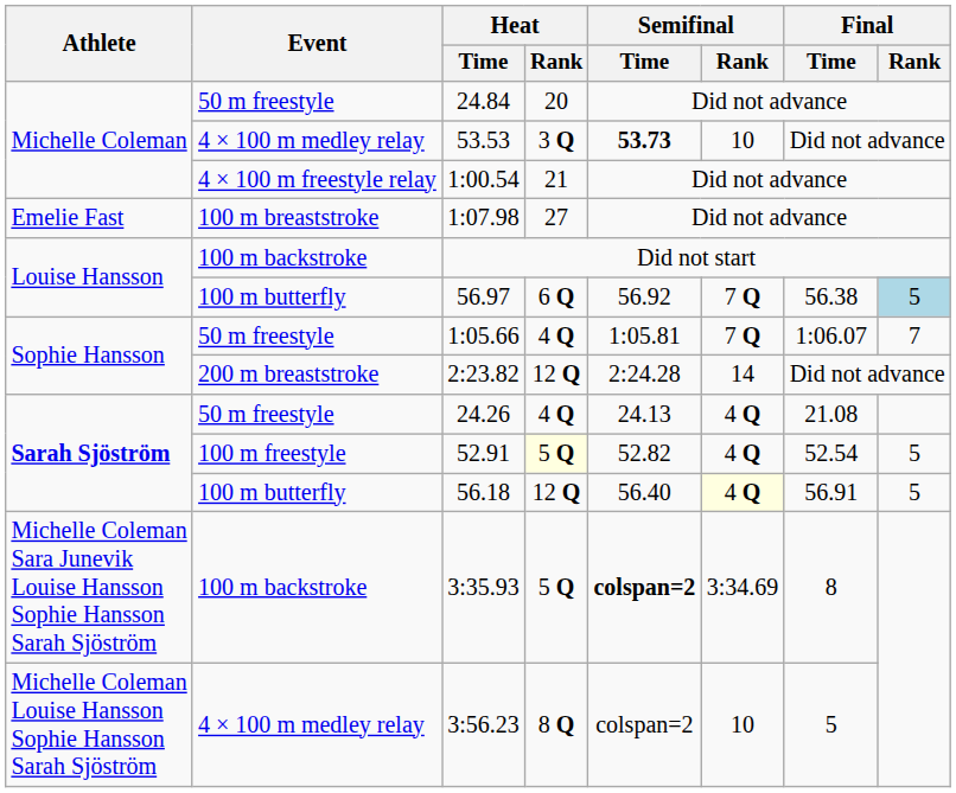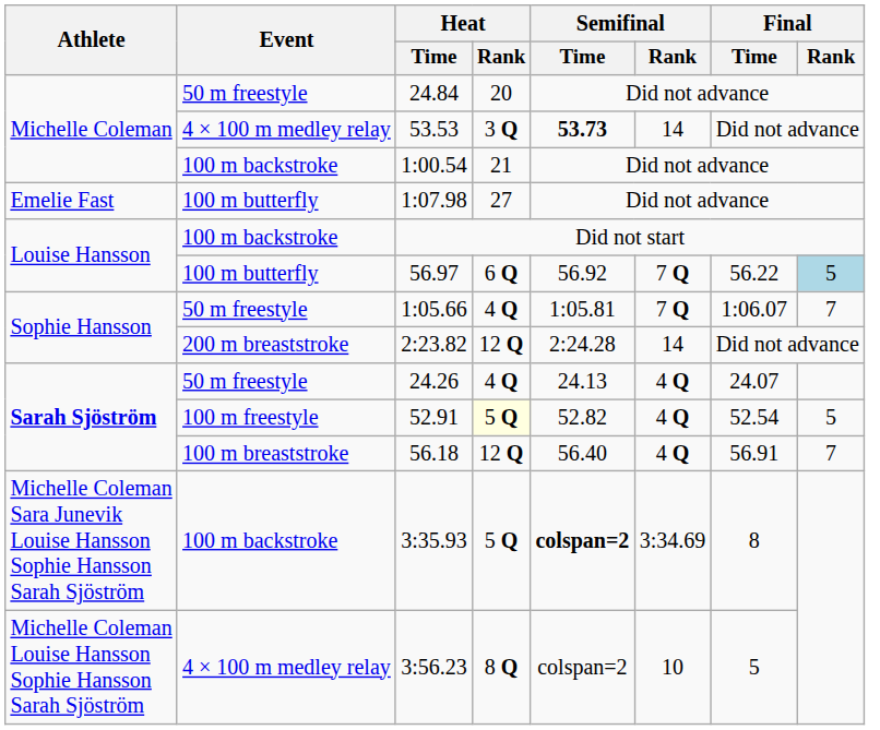 <table class=wikitable style="font-size:90%">
 <tr>
 <th rowspan="2">Athlete</th>
 <th rowspan="2">Event</th>
 <th colspan="2">Heat</th>
 <th colspan="2">Semifinal</th>
 <th colspan="2">Final</th>
 </tr>
 <tr style="font-size:95%">
 <th>Time</th>
 <th>Rank</th>
 <th>Time</th>
 <th>Rank</th>
 <th>Time</th>
 <th>Rank</th>
 </tr>
 <tr align=center>
 <td align=left rowspan=3><a href='#'>Michelle Coleman</a></td>
 <td align=left><a href='#'>50 m freestyle</a></td>
 <td>24.84</td>
 <td>20</td>
 <td colspan="4">Did not advance</td>
 </tr>
 <tr align=center>
 <td align=left><a href='#'>4 × 100 m medley relay</a></td>
 <td>53.53</td>
 <td>3 <strong>Q</strong></td>
 <td><strong>53.73</strong></td>
-<td>10</td>
+<td>14</td>
 <td colspan="2">Did not advance</td>
 </tr>
 <tr align=center>
-<td align=left><a href='#'>4 × 100 m freestyle relay</a></td>
+<td align=left><a href='#'>100 m backstroke</a></td>
 <td>1:00.54</td>
 <td>21</td>
 <td colspan="4">Did not advance</td>
 </tr>
 <tr align=center>
 <td align=left><a href='#'>Emelie Fast</a></td>
-<td align=left><a href='#'>100 m breaststroke</a></td>
+<td align=left><a href='#'>100 m butterfly</a></td>
 <td>1:07.98</td>
 <td>27</td>
 <td colspan="4">Did not advance</td>
 </tr>
 <tr align=center>
 <td align=left rowspan=2><a href='#'>Louise Hansson</a></td>
 <td align=left><a href='#'>100 m backstroke</a></td>
 <td colspan="6">Did not start</td>
 </tr>
 <tr align=center>
 <td align=left><a href='#'>100 m butterfly</a></td>
 <td>56.97</td>
 <td>6 <strong>Q</strong></td>
 <td>56.92</td>
 <td>7 <strong>Q</strong></td>
-<td>56.38</td>
+<td>56.22</td>
 <td style="background: lightblue;">5</td>
 </tr>
 <tr align=center>
 <td align=left rowspan=2><a href='#'>Sophie Hansson</a></td>
 <td align=left><a href='#'>50 m freestyle</a></td>
 <td>1:05.66</td>
 <td>4 <strong>Q</strong></td>
 <td>1:05.81</td>
 <td>7 <strong>Q</strong></td>
 <td>1:06.07</td>
 <td>7</td>
 </tr>
 <tr align=center>
 <td align=left><a href='#'>200 m breaststroke</a></td>
 <td>2:23.82</td>
 <td>12 <strong>Q</strong></td>
 <td>2:24.28</td>
 <td>14</td>
 <td colspan="2">Did not advance</td>
 </tr>
 <tr align=center>
 <td align=left rowspan=3><strong><a href='#'>Sarah Sjöström</a></strong></td>
 <td align=left><a href='#'>50 m freestyle</a></td>
 <td>24.26</td>
 <td>4 <strong>Q</strong></td>
 <td>24.13</td>
 <td>4 <strong>Q</strong></td>
-<td>21.08</td>
+<td>24.07</td>
 <td></td>
 </tr>
 <tr align=center>
 <td align=left><a href='#'>100 m freestyle</a></td>
 <td>52.91</td>
 <td style="background: lightyellow;">5 <strong>Q</strong></td>
 <td>52.82</td>
 <td>4 <strong>Q</strong></td>
 <td>52.54</td>
 <td>5</td>
 </tr>
 <tr align=center>
-<td align=left><a href='#'>100 m butterfly</a></td>
+<td align=left><a href='#'>100 m breaststroke</a></td>
 <td>56.18</td>
 <td>12 <strong>Q</strong></td>
 <td>56.40</td>
-<td style="background: lightyellow;">4 <strong>Q</strong></td>
+<td>4 <strong>Q</strong></td>
 <td>56.91</td>
-<td>5</td>
+<td>7</td>
 </tr>
 <tr align=center>
 <td align=left><a href='#'>Michelle Coleman</a><br><a href='#'>Sara Junevik</a><br><a href='#'>Louise Hansson</a><br><a href='#'>Sophie Hansson</a><br><a href='#'>Sarah Sjöström</a></td>
 <td align=left><a href='#'>100 m backstroke</a></td>
 <td>3:35.93</td>
 <td>5 <strong>Q</strong></td>
 <td><strong>colspan=2 </strong></td>
 <td>3:34.69</td>
 <td>8</td>
 </tr>
 <tr align=center>
 <td align=left><a href='#'>Michelle Coleman</a><br><a href='#'>Louise Hansson</a><br><a href='#'>Sophie Hansson</a><br><a href='#'>Sarah Sjöström</a></td>
 <td align=left><a href='#'>4 × 100 m medley relay</a></td>
 <td>3:56.23</td>
 <td>8 <strong>Q</strong></td>
 <td>colspan=2 </td>
 <td>10</td>
 <td>5</td>
 </tr>
 </table>
